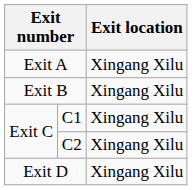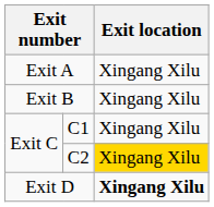 <table class="wikitable">
 <tr>
 <th style="width:70px" colspan="2">Exit number</th>
 <th>Exit location</th>
 </tr>
 <tr>
 <td align="center" colspan="2">Exit A</td>
 <td>Xingang Xilu</td>
 </tr>
 <tr>
 <td align="center" colspan="2">Exit B</td>
 <td>Xingang Xilu</td>
 </tr>
 <tr>
 <td align="center" rowspan="2">Exit C</td>
 <td>C1</td>
 <td>Xingang Xilu</td>
 </tr>
 <tr>
 <td>C2</td>
-<td>Xingang Xilu</td>
+<td style="background: gold;">Xingang Xilu</td>
 </tr>
 <tr>
 <td align="center" colspan="2">Exit D</td>
-<td>Xingang Xilu</td>
+<td><strong>Xingang Xilu</strong></td>
 </tr>
 </table>
